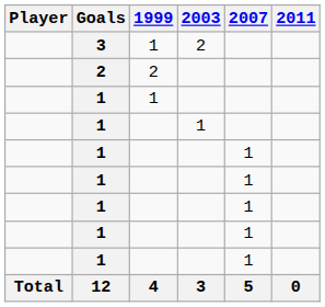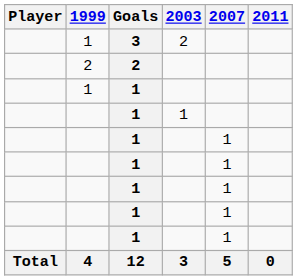 <table class="wikitable sortable" style="text-align:center;">
 <tr>
 <th>Player</th>
+<th><a href='#'>1999</a></th>
 <th>Goals</th>
-<th><a href='#'>1999</a></th>
 <th><a href='#'>2003</a></th>
 <th><a href='#'>2007</a></th>
 <th><a href='#'>2011</a></th>
 </tr>
 <tr>
 <td align="left"></td>
+<td>1</td>
 <th>3</th>
-<td>1</td>
 <td>2</td>
 <td></td>
 <td></td>
 </tr>
 <tr>
 <td align="left"></td>
+<td>2</td>
 <th>2</th>
-<td>2</td>
 <td></td>
 <td></td>
 <td></td>
 </tr>
 <tr>
 <td align="left"></td>
+<td>1</td>
 <th>1</th>
-<td>1</td>
 <td></td>
 <td></td>
 <td></td>
 </tr>
 <tr>
 <td align="left"></td>
+<td></td>
 <th>1</th>
-<td></td>
 <td>1</td>
 <td></td>
 <td></td>
 </tr>
 <tr>
 <td align="left"></td>
+<td></td>
 <th>1</th>
-<td></td>
 <td></td>
 <td>1</td>
 <td></td>
 </tr>
 <tr>
 <td align="left"></td>
+<td></td>
 <th>1</th>
-<td></td>
 <td></td>
 <td>1</td>
 <td></td>
 </tr>
 <tr>
 <td align="left"></td>
+<td></td>
 <th>1</th>
-<td></td>
 <td></td>
 <td>1</td>
 <td></td>
 </tr>
 <tr>
 <td align="left"></td>
+<td></td>
 <th>1</th>
-<td></td>
 <td></td>
 <td>1</td>
 <td></td>
 </tr>
 <tr>
 <td align="left"></td>
+<td></td>
 <th>1</th>
-<td></td>
 <td></td>
 <td>1</td>
 <td></td>
 </tr>
 <tr class="sortbottom">
 <th>Total</th>
+<th>4</th>
 <th>12</th>
-<th>4</th>
 <th>3</th>
 <th>5</th>
 <th>0</th>
 </tr>
 </table>
